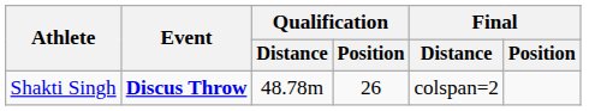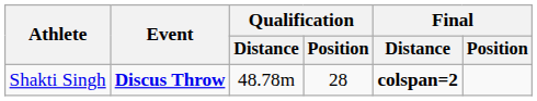 <table class="wikitable" style="font-size:90%">
 <tr>
 <th rowspan="2">Athlete</th>
 <th rowspan="2">Event</th>
 <th colspan="2">Qualification</th>
 <th colspan="2">Final</th>
 </tr>
 <tr style="font-size:95%">
 <th>Distance</th>
 <th>Position</th>
 <th>Distance</th>
 <th>Position</th>
 </tr>
 <tr style=text-align:center>
 <td style=text-align:left><a href='#'>Shakti Singh</a></td>
 <td style="text-align:left"><strong><a href='#'>Discus Throw</a></strong></td>
 <td>48.78m</td>
-<td>26</td>
-<td>colspan=2 </td>
+<td>28</td>
+<td><strong>colspan=2 </strong></td>
 </tr>
 </table>
